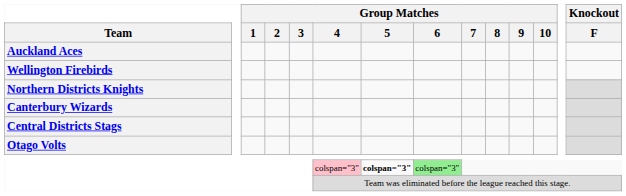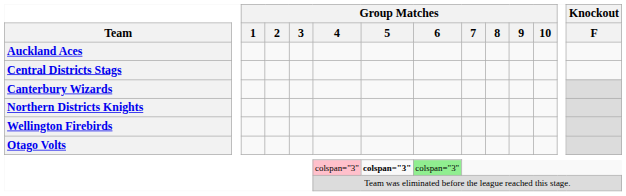 <table class="wikitable" style="border:none">
 <tr>
 <td style="background:white; border:none"></td>
 <td rowspan="8"  style="width:5px;; border:none; background:white;"></td>
 <th colspan="10"><span>Group Matches</span></th>
 <td rowspan="8"  style="width:5px;; border:none; background:white;"></td>
 <th><span>Knockout</span></th>
 </tr>
 <tr>
 <th style="width:300px; vertical-align:center;">Team</th>
 <th width=25>1</th>
 <th width=25>2</th>
 <th width=25>3</th>
 <th width=25>4</th>
 <th width=25>5</th>
 <th width=25>6</th>
 <th width=25>7</th>
 <th width=25>8</th>
 <th width=25>9</th>
 <th width=25>10</th>
 <th width=25><span>F</span></th>
 </tr>
 <tr>
 <th style="text-align:left;"><a href='#'>Auckland Aces</a></th>
 <td></td>
 <td></td>
 <td></td>
 <td></td>
 <td></td>
 <td></td>
 <td></td>
 <td></td>
 <td></td>
 <td></td>
 <td></td>
 </tr>
 <tr>
-<th style="text-align:left;"><a href='#'>Wellington Firebirds</a></th>
+<th style="text-align:left;"><a href='#'>Central Districts Stags</a></th>
 <td></td>
 <td></td>
 <td></td>
 <td></td>
 <td></td>
 <td></td>
 <td></td>
 <td></td>
 <td></td>
 <td></td>
 <td></td>
+</tr>
+<tr>
+<th style="text-align:left;"><a href='#'>Canterbury Wizards</a></th>
+<td></td>
+<td></td>
+<td></td>
+<td></td>
+<td></td>
+<td></td>
+<td></td>
+<td></td>
+<td></td>
+<td></td>
+<td style="background:#dcdcdc;"></td>
 </tr>
 <tr>
 <th style="text-align:left;"><a href='#'>Northern Districts Knights</a></th>
 <td></td>
 <td></td>
 <td></td>
 <td></td>
 <td></td>
 <td></td>
 <td></td>
 <td></td>
 <td></td>
 <td></td>
 <td style="background:#dcdcdc;"></td>
 </tr>
 <tr>
-<th style="text-align:left;"><a href='#'>Canterbury Wizards</a></th>
-<td></td>
-<td></td>
-<td></td>
-<td></td>
-<td></td>
-<td></td>
-<td></td>
-<td></td>
-<td></td>
-<td></td>
-<td style="background:#dcdcdc;"></td>
-</tr>
-<tr>
-<th style="text-align:left;"><a href='#'>Central Districts Stags</a></th>
+<th style="text-align:left;"><a href='#'>Wellington Firebirds</a></th>
 <td></td>
 <td></td>
 <td></td>
 <td></td>
 <td></td>
 <td></td>
 <td></td>
 <td></td>
 <td></td>
 <td></td>
 <td style="background:#dcdcdc;"></td>
 </tr>
 <tr>
 <th style="text-align:left;"><a href='#'>Otago Volts</a></th>
 <td></td>
 <td></td>
 <td></td>
 <td></td>
 <td></td>
 <td></td>
 <td></td>
 <td></td>
 <td></td>
 <td></td>
 <td style="background:#dcdcdc;"></td>
 </tr>
 <tr>
 <td colspan="14" style="background:white; border:none"></td>
 </tr>
 <tr style="font-size:75%">
 <td colspan="5" rowspan="2" style="background:white; border:none; vertical-align:center"><br></td>
 <td style="background: pink;">colspan="3" </td>
 <td><strong>colspan="3" </strong></td>
 <td style="background: lightgreen;">colspan="3" </td>
 </tr>
 <tr style="font-size:75%">
 <td colspan="9" style="background:#dcdcdc; text-align:center; vertical-align:center">Team was eliminated before the league reached this stage.</td>
 </tr>
 </table>
